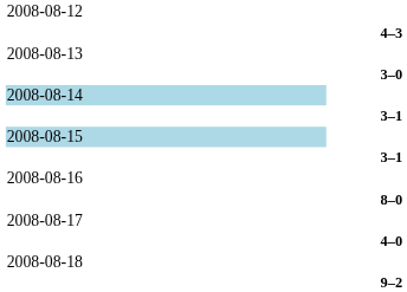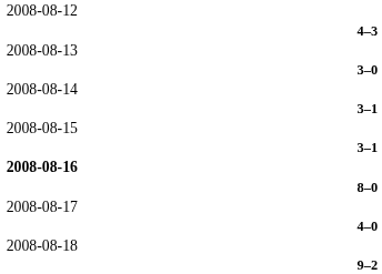 <table style="width:100%;" cellspacing="1">
 <tr>
 <th width=25%></th>
 <th width=10%></th>
 <th></th>
 </tr>
 <tr>
 <td>2008-08-12</td>
 </tr>
 <tr style=font-size:90%>
 <td align=right><strong></strong></td>
 <td align=center><strong>4–3</strong></td>
 <td><strong></strong></td>
 </tr>
 <tr>
 <td>2008-08-13</td>
 </tr>
 <tr style=font-size:90%>
 <td align=right><strong></strong></td>
 <td align=center><strong>3–0</strong></td>
 <td><strong></strong></td>
 </tr>
 <tr>
-<td style="background: lightblue;">2008-08-14</td>
+<td>2008-08-14</td>
 </tr>
 <tr style=font-size:90%>
 <td align=right><strong></strong></td>
 <td align=center><strong>3–1</strong></td>
 <td><strong></strong></td>
 </tr>
 <tr>
-<td style="background: lightblue;">2008-08-15</td>
+<td>2008-08-15</td>
 </tr>
 <tr style=font-size:90%>
 <td align=right><strong></strong></td>
 <td align=center><strong>3–1</strong></td>
 <td><strong></strong></td>
 </tr>
 <tr>
-<td>2008-08-16</td>
+<td><strong>2008-08-16</strong></td>
 </tr>
 <tr style=font-size:90%>
 <td align=right><strong></strong></td>
 <td align=center><strong>8–0</strong></td>
 <td><strong></strong></td>
 </tr>
 <tr>
 <td>2008-08-17</td>
 </tr>
 <tr style=font-size:90%>
 <td align=right><strong></strong></td>
 <td align=center><strong>4–0</strong></td>
 <td><strong></strong></td>
 </tr>
 <tr>
 <td>2008-08-18</td>
 </tr>
 <tr style=font-size:90%>
 <td align=right><strong></strong></td>
 <td align=center><strong>9–2</strong></td>
 <td><strong></strong></td>
 </tr>
 </table>
